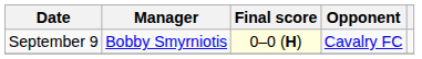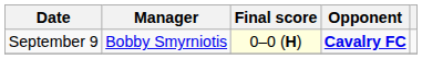 <table class="wikitable sortable" style="text-align:center; font-size:95%;">
 <tr>
 <th>Date</th>
 <th>Manager</th>
 <th>Final score</th>
 <th>Opponent</th>
 <th class="unsortable"></th>
 </tr>
 <tr>
 <td style="text-align:left;" data-sort-value="1">September 9</td>
 <td style="text-align:left;" data-sort-value="Smyrniotis"> <a href='#'>Bobby Smyrniotis</a></td>
 <td style="background:#ffd;">0–0 (<strong>H</strong>)</td>
-<td style="text-align:left;"><a href='#'>Cavalry FC</a></td>
+<td style="text-align:left;"><strong><a href='#'>Cavalry FC</a></strong></td>
 <td></td>
 </tr>
 <tr>
 </tr>
 </table>
